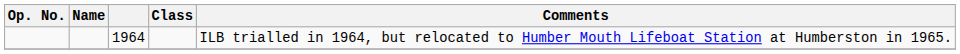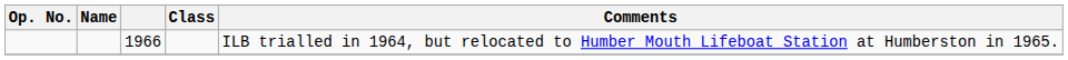 <table class="wikitable">
 <tr>
 <th>Op. No.</th>
 <th>Name</th>
 <th></th>
 <th>Class</th>
 <th>Comments</th>
 </tr>
 <tr>
 <td></td>
 <td></td>
-<td>1964</td>
+<td>1966</td>
 <td></td>
 <td>ILB trialled in 1964, but relocated to <a href='#'>Humber Mouth Lifeboat Station</a> at Humberston in 1965.</td>
 </tr>
 <tr>
 </tr>
 </table>
